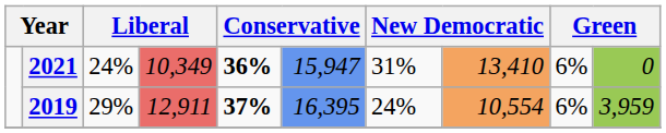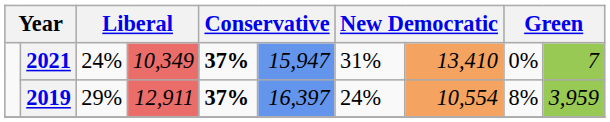 <table class="wikitable" style="float:right; width:400; font-size:90%; margin-left:1em;">
 <tr>
 <th colspan="2" scope="col">Year</th>
 <th colspan="2" scope="col"><a href='#'>Liberal</a></th>
 <th colspan="2" scope="col"><a href='#'>Conservative</a></th>
 <th colspan="2" scope="col"><a href='#'>New Democratic</a></th>
 <th colspan="2" scope="col"><a href='#'>Green</a></th>
 </tr>
 <tr>
 <td rowspan="2" style="width: 0.25em; background-color: "></td>
 <th><a href='#'>2021</a></th>
 <td>24%</td>
 <td style="text-align:right; background:#EA6D6A;"><em>10,349</em></td>
-<td><strong>36%</strong></td>
+<td><strong>37%</strong></td>
 <td style="text-align:right; background:#6495ED;"><em>15,947</em></td>
 <td>31%</td>
 <td style="text-align:right; background:#F4A460;"><em>13,410</em></td>
-<td>6%</td>
-<td style="text-align:right; background:#99C955;"><em>0</em></td>
+<td>0%</td>
+<td style="text-align:right; background:#99C955;"><em>7</em></td>
 </tr>
 <tr>
 <th><a href='#'>2019</a></th>
 <td>29%</td>
 <td style="text-align:right; background:#EA6D6A;"><em>12,911</em></td>
 <td><strong>37%</strong></td>
-<td style="text-align:right; background:#6495ED;"><em>16,395</em></td>
+<td style="text-align:right; background:#6495ED;"><em>16,397</em></td>
 <td>24%</td>
 <td style="text-align:right; background:#F4A460;"><em>10,554</em></td>
-<td>6%</td>
+<td>8%</td>
 <td style="text-align:right; background:#99C955;"><em>3,959</em></td>
 </tr>
 <tr>
 </tr>
 </table>
